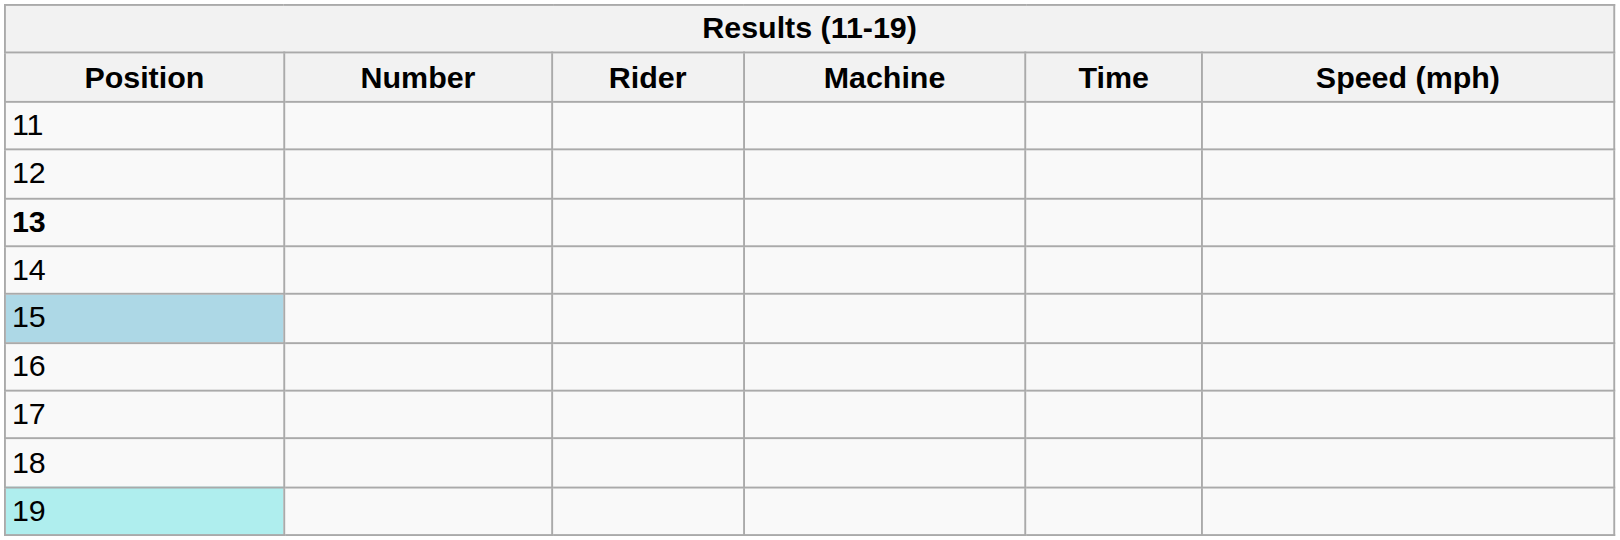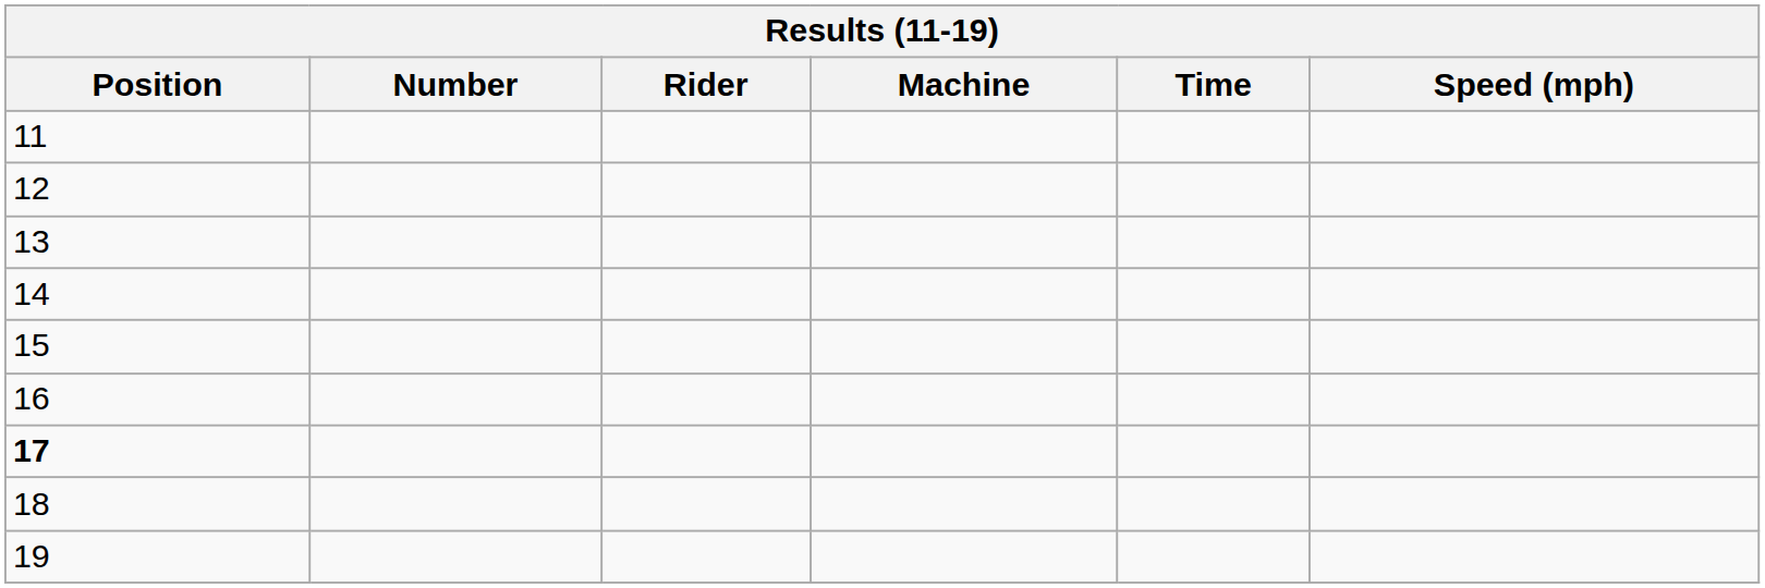 <table class="collapsible collapsed wikitable" style="width:53em;margin-top:-1px;">
 <tr>
 <th scope="col" colspan="6">Results (11-19)</th>
 </tr>
 <tr>
 <th>Position</th>
 <th>Number</th>
 <th>Rider</th>
 <th>Machine</th>
 <th>Time</th>
 <th>Speed (mph)</th>
 </tr>
 <tr>
 <td>11</td>
 <td></td>
 <td></td>
 <td></td>
 <td></td>
 <td></td>
 </tr>
 <tr>
 <td>12</td>
 <td></td>
 <td></td>
 <td></td>
 <td></td>
 <td></td>
 </tr>
 <tr>
-<td><strong>13</strong></td>
+<td>13</td>
 <td></td>
 <td></td>
 <td></td>
 <td></td>
 <td></td>
 </tr>
 <tr>
 <td>14</td>
 <td></td>
 <td></td>
 <td></td>
 <td></td>
 <td></td>
 </tr>
 <tr>
-<td style="background: lightblue;">15</td>
+<td>15</td>
 <td></td>
 <td></td>
 <td></td>
 <td></td>
 <td></td>
 </tr>
 <tr>
 <td>16</td>
 <td></td>
 <td></td>
 <td></td>
 <td></td>
 <td></td>
 </tr>
 <tr>
-<td>17</td>
+<td><strong>17</strong></td>
 <td></td>
 <td></td>
 <td></td>
 <td></td>
 <td></td>
 </tr>
 <tr>
 <td>18</td>
 <td></td>
 <td></td>
 <td></td>
 <td></td>
 <td></td>
 </tr>
 <tr>
-<td style="background: paleturquoise;">19</td>
+<td>19</td>
 <td></td>
 <td></td>
 <td></td>
 <td></td>
 <td></td>
 </tr>
 </table>
